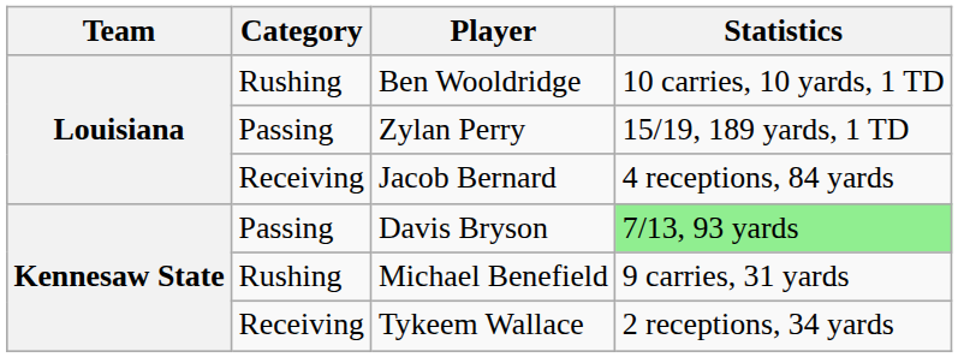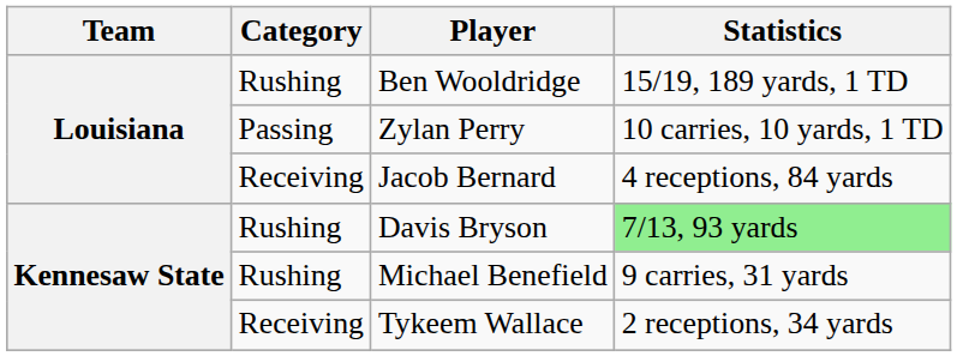 <table class="wikitable" style="float:right">
 <tr>
 <th>Team</th>
 <th>Category</th>
 <th>Player</th>
 <th>Statistics</th>
 </tr>
 <tr>
 <th rowspan=3>Louisiana</th>
 <td>Rushing</td>
 <td>Ben Wooldridge</td>
-<td>10 carries, 10 yards, 1 TD</td>
+<td>15/19, 189 yards, 1 TD</td>
 </tr>
 <tr>
 <td>Passing</td>
 <td>Zylan Perry</td>
-<td>15/19, 189 yards, 1 TD</td>
+<td>10 carries, 10 yards, 1 TD</td>
 </tr>
 <tr>
 <td>Receiving</td>
 <td>Jacob Bernard</td>
 <td>4 receptions, 84 yards</td>
 </tr>
 <tr>
 <th rowspan=3>Kennesaw State</th>
-<td>Passing</td>
+<td>Rushing</td>
 <td>Davis Bryson</td>
 <td style="background: lightgreen;">7/13, 93 yards</td>
 </tr>
 <tr>
 <td>Rushing</td>
 <td>Michael Benefield</td>
 <td>9 carries, 31 yards</td>
 </tr>
 <tr>
 <td>Receiving</td>
 <td>Tykeem Wallace</td>
 <td>2 receptions, 34 yards</td>
 </tr>
 </table>
